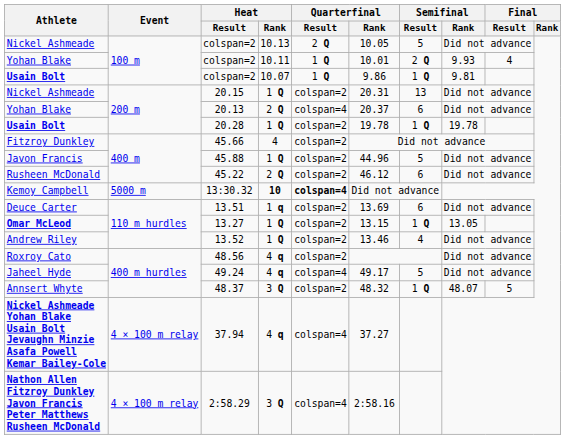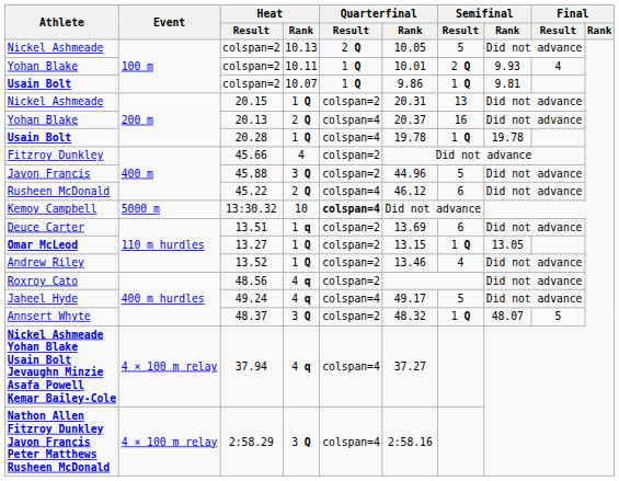 <table class="wikitable" style="font-size:90%">
 <tr>
 <th rowspan="2">Athlete</th>
 <th rowspan="2">Event</th>
 <th colspan="2">Heat</th>
 <th colspan="2">Quarterfinal</th>
 <th colspan="2">Semifinal</th>
 <th colspan="2">Final</th>
 </tr>
 <tr style="font-size:95%">
 <th>Result</th>
 <th>Rank</th>
 <th>Result</th>
 <th>Rank</th>
 <th>Result</th>
 <th>Rank</th>
 <th>Result</th>
 <th>Rank</th>
 </tr>
 <tr align=center>
 <td align=left><a href='#'>Nickel Ashmeade</a></td>
 <td align=left rowspan=3><a href='#'>100 m</a></td>
 <td>colspan=2 </td>
 <td>10.13</td>
 <td>2 <strong>Q</strong></td>
 <td>10.05</td>
 <td>5</td>
 <td colspan=2>Did not advance</td>
 </tr>
 <tr align=center>
 <td align=left><a href='#'>Yohan Blake</a></td>
 <td>colspan=2 </td>
 <td>10.11</td>
 <td>1 <strong>Q</strong></td>
 <td>10.01</td>
 <td>2 <strong>Q</strong></td>
 <td>9.93</td>
 <td>4</td>
 </tr>
 <tr align=center>
 <td align=left><strong><a href='#'>Usain Bolt</a></strong></td>
 <td>colspan=2 </td>
 <td>10.07</td>
 <td>1 <strong>Q</strong></td>
 <td>9.86</td>
 <td>1 <strong>Q</strong></td>
 <td>9.81</td>
 <td></td>
 </tr>
 <tr align="center">
 <td align=left><a href='#'>Nickel Ashmeade</a></td>
 <td align=left rowspan=3><a href='#'>200 m</a></td>
 <td>20.15</td>
 <td>1 <strong>Q</strong></td>
 <td>colspan=2 </td>
 <td>20.31</td>
 <td>13</td>
 <td colspan="2">Did not advance</td>
 </tr>
 <tr align="center">
 <td align=left><a href='#'>Yohan Blake</a></td>
 <td>20.13</td>
 <td>2 <strong>Q</strong></td>
 <td>colspan=4 </td>
 <td>20.37</td>
-<td>6</td>
+<td>16</td>
 <td colspan="2">Did not advance</td>
 </tr>
 <tr align=center>
 <td align=left><strong><a href='#'>Usain Bolt</a></strong></td>
 <td>20.28</td>
 <td>1 <strong>Q</strong></td>
-<td>colspan=2 </td>
+<td>colspan=4 </td>
 <td>19.78</td>
 <td>1 <strong>Q</strong></td>
 <td>19.78</td>
 <td></td>
 </tr>
 <tr align=center>
 <td align=left><a href='#'>Fitzroy Dunkley</a></td>
 <td align=left rowspan=3><a href='#'>400 m</a></td>
 <td>45.66</td>
 <td>4</td>
 <td>colspan=2 </td>
 <td colspan=4>Did not advance</td>
 </tr>
 <tr align=center>
 <td align=left><a href='#'>Javon Francis</a></td>
 <td>45.88</td>
-<td>1 <strong>Q</strong></td>
+<td>3 <strong>Q</strong></td>
 <td>colspan=2 </td>
 <td>44.96</td>
 <td>5</td>
 <td colspan=2>Did not advance</td>
 </tr>
 <tr align=center>
 <td align=left><a href='#'>Rusheen McDonald</a></td>
 <td>45.22</td>
 <td>2 <strong>Q</strong></td>
-<td>colspan=2 </td>
+<td>colspan=4 </td>
 <td>46.12</td>
 <td>6</td>
 <td colspan=2>Did not advance</td>
 </tr>
 <tr align=center>
 <td align=left><a href='#'>Kemoy Campbell</a></td>
 <td align=left><a href='#'>5000 m</a></td>
 <td>13:30.32</td>
-<td><strong>10</strong></td>
+<td>10</td>
 <td><strong>colspan=4 </strong></td>
 <td colspan=2>Did not advance</td>
 </tr>
 <tr align=center>
 <td align=left><a href='#'>Deuce Carter</a></td>
 <td align=left rowspan=3><a href='#'>110 m hurdles</a></td>
 <td>13.51</td>
 <td>1 <strong>q</strong></td>
 <td>colspan=2 </td>
 <td>13.69</td>
 <td>6</td>
 <td colspan=2>Did not advance</td>
 </tr>
 <tr align=center>
 <td align=left><strong><a href='#'>Omar McLeod</a></strong></td>
 <td>13.27</td>
 <td>1 <strong>Q</strong></td>
 <td>colspan=2 </td>
 <td>13.15</td>
 <td>1 <strong>Q</strong></td>
 <td>13.05</td>
 <td></td>
 </tr>
 <tr align=center>
 <td align=left><a href='#'>Andrew Riley</a></td>
 <td>13.52</td>
 <td>1 <strong>Q</strong></td>
 <td>colspan=2 </td>
 <td>13.46</td>
 <td>4</td>
 <td colspan=2>Did not advance</td>
 </tr>
 <tr align=center>
 <td align=left><a href='#'>Roxroy Cato</a></td>
 <td align=left rowspan=3><a href='#'>400 m hurdles</a></td>
 <td>48.56</td>
 <td>4 <strong>q</strong></td>
 <td>colspan=2 </td>
 <td colspan=2></td>
 <td colspan=2>Did not advance</td>
 </tr>
 <tr align=center>
 <td align=left><a href='#'>Jaheel Hyde</a></td>
 <td>49.24</td>
 <td>4 <strong>q</strong></td>
 <td>colspan=4 </td>
 <td>49.17</td>
 <td>5</td>
 <td colspan=2>Did not advance</td>
 </tr>
 <tr align=center>
 <td align=left><a href='#'>Annsert Whyte</a></td>
 <td>48.37</td>
 <td>3 <strong>Q</strong></td>
 <td>colspan=2 </td>
 <td>48.32</td>
 <td>1 <strong>Q</strong></td>
 <td>48.07</td>
 <td>5</td>
 </tr>
 <tr align=center>
 <td align=left><strong><a href='#'>Nickel Ashmeade</a><br><a href='#'>Yohan Blake</a><br><a href='#'>Usain Bolt</a><br><a href='#'>Jevaughn Minzie</a><br><a href='#'>Asafa Powell</a><br><a href='#'>Kemar Bailey-Cole</a></strong></td>
 <td align=left><a href='#'>4 × 100 m relay</a></td>
 <td>37.94</td>
 <td>4 <strong>q</strong></td>
 <td>colspan=4 </td>
 <td>37.27</td>
 <td></td>
 </tr>
 <tr align=center>
 <td align=left><strong><a href='#'>Nathon Allen</a><br><a href='#'>Fitzroy Dunkley</a><br><a href='#'>Javon Francis</a><br><a href='#'>Peter Matthews</a><br><a href='#'>Rusheen McDonald</a></strong></td>
 <td align=left><a href='#'>4 × 100 m relay</a></td>
 <td>2:58.29</td>
 <td>3 <strong>Q</strong></td>
 <td>colspan=4 </td>
 <td>2:58.16</td>
 <td></td>
 </tr>
 </table>
